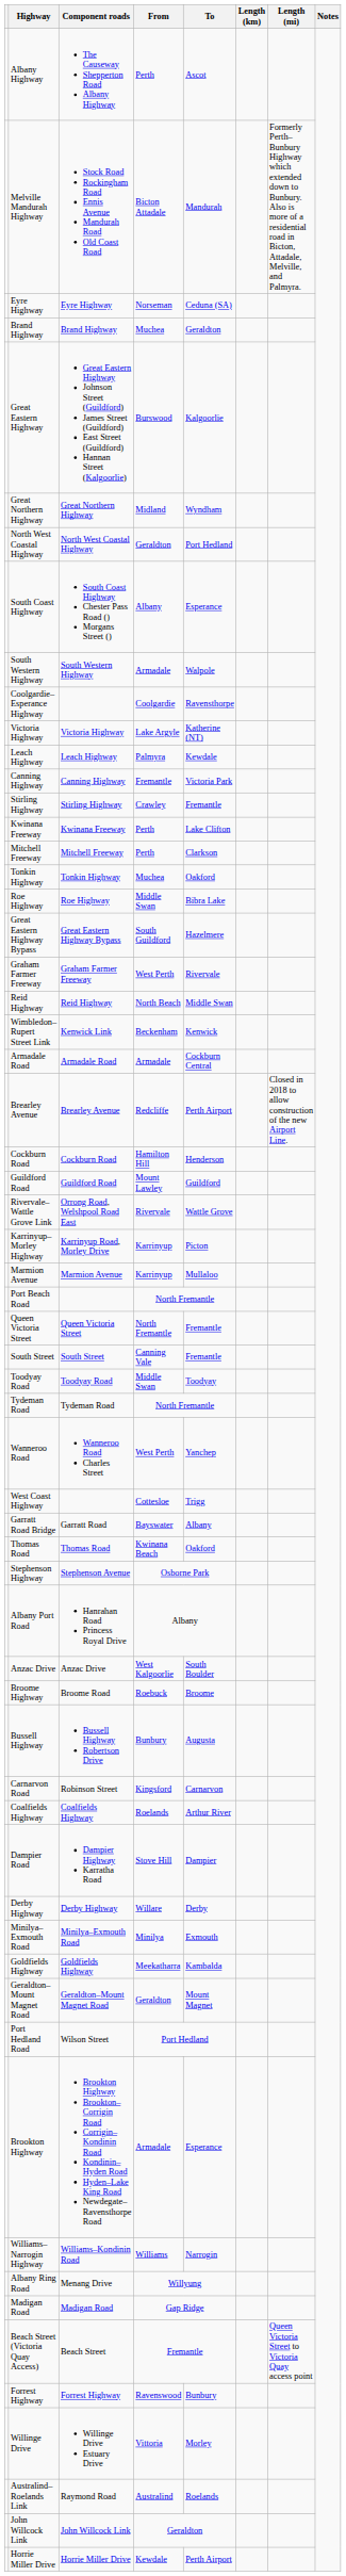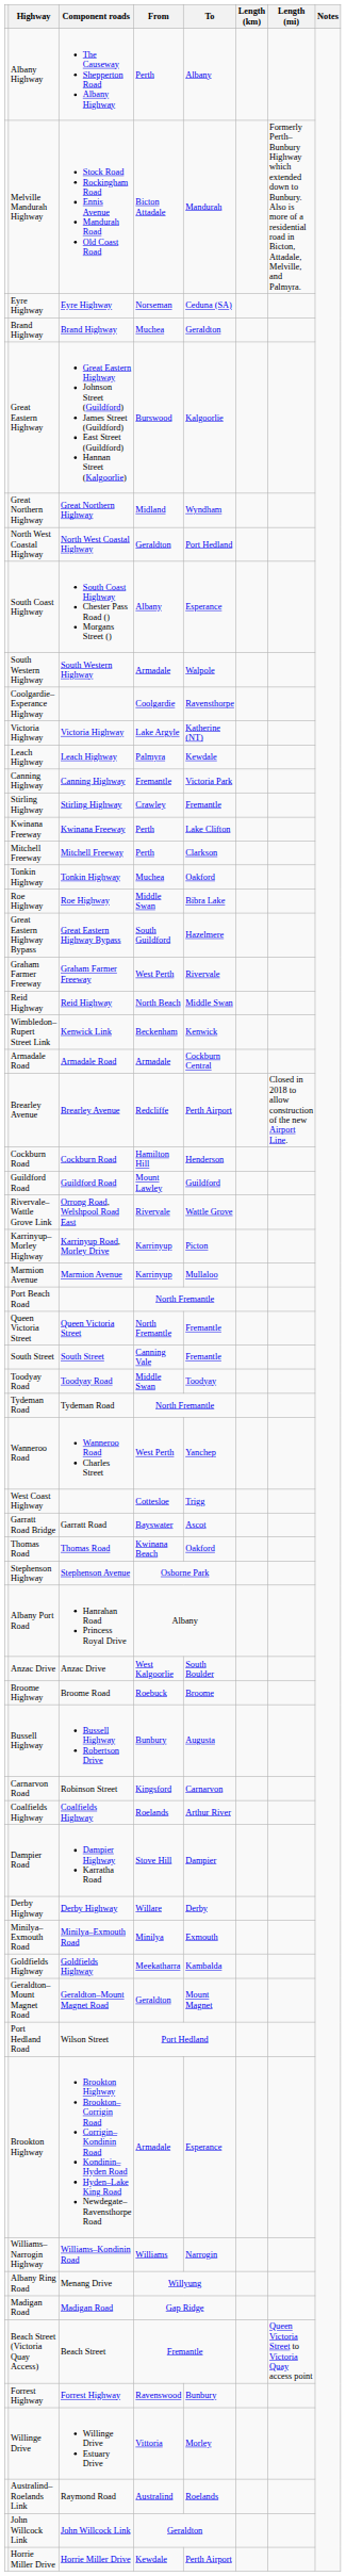 <table class="wikitable sortable">
 <tr>
 <th scope="col"></th>
 <th scope="col">Highway</th>
 <th scope="col" class="unsortable">Component roads</th>
 <th scope="col" class="unsortable">From</th>
 <th scope="col" class="unsortable">To</th>
 <th scope="col">Length<br>(km)</th>
 <th scope="col" class="unsortable">Length<br>(mi)</th>
 <th scope="col" class="unsortable">Notes</th>
 </tr>
 <tr>
 <td></td>
 <td>Albany Highway</td>
 <td><br><ul><li><a href='#'>The Causeway</a></li><li><a href='#'>Shepperton Road</a></li><li><a href='#'>Albany Highway</a></li></ul></td>
 <td><a href='#'>Perth</a></td>
-<td><a href='#'>Ascot</a></td>
+<td><a href='#'>Albany</a></td>
 <td></td>
 <td></td>
 </tr>
 <tr>
 <td></td>
 <td>Melville Mandurah Highway</td>
 <td><br><ul><li><a href='#'>Stock Road</a></li><li><a href='#'>Rockingham Road</a></li><li><a href='#'>Ennis Avenue</a></li><li><a href='#'>Mandurah Road</a></li><li><a href='#'>Old Coast Road</a></li></ul></td>
 <td><a href='#'>Bicton</a><br><a href='#'>Attadale</a></td>
 <td><a href='#'>Mandurah</a></td>
 <td></td>
 <td>Formerly Perth–Bunbury Highway which extended down to Bunbury. Also is more of a residential road in Bicton, Attadale, Melville, and Palmyra.</td>
 </tr>
 <tr>
 <td></td>
 <td>Eyre Highway</td>
 <td><a href='#'>Eyre Highway</a></td>
 <td><a href='#'>Norseman</a></td>
 <td><a href='#'>Ceduna (SA)</a></td>
 <td></td>
 <td></td>
 </tr>
 <tr>
 <td></td>
 <td>Brand Highway</td>
 <td><a href='#'>Brand Highway</a></td>
 <td><a href='#'>Muchea</a></td>
 <td><a href='#'>Geraldton</a></td>
 <td></td>
 <td></td>
 </tr>
 <tr>
 <td></td>
 <td>Great Eastern Highway</td>
 <td><br><ul><li><a href='#'>Great Eastern Highway</a></li><li>Johnson Street (<a href='#'>Guildford</a>)</li><li>James Street (Guildford)</li><li>East Street (Guildford)</li><li>Hannan Street (<a href='#'>Kalgoorlie</a>)</li></ul></td>
 <td><a href='#'>Burswood</a></td>
 <td><a href='#'>Kalgoorlie</a></td>
 <td></td>
 <td></td>
 </tr>
 <tr>
 <td></td>
 <td>Great Northern Highway</td>
 <td><a href='#'>Great Northern Highway</a></td>
 <td><a href='#'>Midland</a></td>
 <td><a href='#'>Wyndham</a></td>
 <td></td>
 <td></td>
 </tr>
 <tr>
 <td></td>
 <td>North West Coastal Highway</td>
 <td><a href='#'>North West Coastal Highway</a></td>
 <td><a href='#'>Geraldton</a></td>
 <td><a href='#'>Port Hedland</a></td>
 <td></td>
 <td></td>
 </tr>
 <tr>
 <td></td>
 <td>South Coast Highway</td>
 <td><br><ul><li><a href='#'>South Coast Highway</a></li><li>Chester Pass Road ()</li><li>Morgans Street ()</li></ul></td>
 <td><a href='#'>Albany</a></td>
 <td><a href='#'>Esperance</a></td>
 <td></td>
 <td></td>
 </tr>
 <tr>
 <td></td>
 <td>South Western Highway</td>
 <td><a href='#'>South Western Highway</a></td>
 <td><a href='#'>Armadale</a></td>
 <td><a href='#'>Walpole</a></td>
 <td></td>
 <td></td>
 </tr>
 <tr>
 <td></td>
 <td>Coolgardie–Esperance Highway</td>
 <td></td>
 <td><a href='#'>Coolgardie</a></td>
 <td><a href='#'>Ravensthorpe</a></td>
 <td></td>
 <td></td>
 </tr>
 <tr>
 <td></td>
 <td>Victoria Highway</td>
 <td><a href='#'>Victoria Highway</a></td>
 <td><a href='#'>Lake Argyle</a></td>
 <td><a href='#'>Katherine (NT)</a></td>
 <td></td>
 <td></td>
 </tr>
 <tr>
 <td></td>
 <td>Leach Highway</td>
 <td><a href='#'>Leach Highway</a></td>
 <td><a href='#'>Palmyra</a></td>
 <td><a href='#'>Kewdale</a></td>
 <td></td>
 <td></td>
 </tr>
 <tr>
 <td></td>
 <td>Canning Highway</td>
 <td><a href='#'>Canning Highway</a></td>
 <td><a href='#'>Fremantle</a></td>
 <td><a href='#'>Victoria Park</a></td>
 <td></td>
 <td></td>
 </tr>
 <tr>
 <td></td>
 <td>Stirling Highway</td>
 <td><a href='#'>Stirling Highway</a></td>
 <td><a href='#'>Crawley</a></td>
 <td><a href='#'>Fremantle</a></td>
 <td></td>
 <td></td>
 </tr>
 <tr>
 <td></td>
 <td>Kwinana Freeway</td>
 <td><a href='#'>Kwinana Freeway</a></td>
 <td><a href='#'>Perth</a></td>
 <td><a href='#'>Lake Clifton</a></td>
 <td></td>
 <td></td>
 </tr>
 <tr>
 <td></td>
 <td>Mitchell Freeway</td>
 <td><a href='#'>Mitchell Freeway</a></td>
 <td><a href='#'>Perth</a></td>
 <td><a href='#'>Clarkson</a></td>
 <td></td>
 <td></td>
 </tr>
 <tr>
 <td></td>
 <td>Tonkin Highway</td>
 <td><a href='#'>Tonkin Highway</a></td>
 <td><a href='#'>Muchea</a></td>
 <td><a href='#'>Oakford</a></td>
 <td></td>
 <td></td>
 </tr>
 <tr>
 <td></td>
 <td>Roe Highway</td>
 <td><a href='#'>Roe Highway</a></td>
 <td><a href='#'>Middle Swan</a></td>
 <td><a href='#'>Bibra Lake</a></td>
 <td></td>
 <td></td>
 </tr>
 <tr>
 <td></td>
 <td>Great Eastern Highway Bypass</td>
 <td><a href='#'>Great Eastern Highway Bypass</a></td>
 <td><a href='#'>South Guildford</a></td>
 <td><a href='#'>Hazelmere</a></td>
 <td></td>
 <td></td>
 </tr>
 <tr>
 <td></td>
 <td>Graham Farmer Freeway</td>
 <td><a href='#'>Graham Farmer Freeway</a></td>
 <td><a href='#'>West Perth</a></td>
 <td><a href='#'>Rivervale</a></td>
 <td></td>
 <td></td>
 </tr>
 <tr>
 <td></td>
 <td>Reid Highway</td>
 <td><a href='#'>Reid Highway</a></td>
 <td><a href='#'>North Beach</a></td>
 <td><a href='#'>Middle Swan</a></td>
 <td></td>
 <td></td>
 </tr>
 <tr>
 <td></td>
 <td>Wimbledon–Rupert Street Link</td>
 <td><a href='#'>Kenwick Link</a></td>
 <td><a href='#'>Beckenham</a></td>
 <td><a href='#'>Kenwick</a></td>
 <td></td>
 <td></td>
 </tr>
 <tr>
 <td></td>
 <td>Armadale Road</td>
 <td><a href='#'>Armadale Road</a></td>
 <td><a href='#'>Armadale</a></td>
 <td><a href='#'>Cockburn Central</a></td>
 <td></td>
 <td></td>
 </tr>
 <tr>
 <td></td>
 <td>Brearley Avenue</td>
 <td><a href='#'>Brearley Avenue</a></td>
 <td><a href='#'>Redcliffe</a></td>
 <td><a href='#'>Perth Airport</a></td>
 <td></td>
 <td>Closed in 2018 to allow construction of the new <a href='#'>Airport Line</a>.</td>
 </tr>
 <tr>
 <td></td>
 <td>Cockburn Road</td>
 <td><a href='#'>Cockburn Road</a></td>
 <td><a href='#'>Hamilton Hill</a></td>
 <td><a href='#'>Henderson</a></td>
 <td></td>
 <td></td>
 </tr>
 <tr>
 <td></td>
 <td>Guildford Road</td>
 <td><a href='#'>Guildford Road</a></td>
 <td><a href='#'>Mount Lawley</a></td>
 <td><a href='#'>Guildford</a></td>
 <td></td>
 <td></td>
 </tr>
 <tr>
 <td></td>
 <td>Rivervale–Wattle Grove Link</td>
 <td><a href='#'>Orrong Road</a>, <a href='#'>Welshpool Road East</a></td>
 <td><a href='#'>Rivervale</a></td>
 <td><a href='#'>Wattle Grove</a></td>
 <td></td>
 <td></td>
 </tr>
 <tr>
 <td></td>
 <td>Karrinyup–Morley Highway</td>
 <td><a href='#'>Karrinyup Road</a>, <a href='#'>Morley Drive</a></td>
 <td><a href='#'>Karrinyup</a></td>
 <td><a href='#'>Picton</a></td>
 <td></td>
 <td></td>
 </tr>
 <tr>
 <td></td>
 <td>Marmion Avenue</td>
 <td><a href='#'>Marmion Avenue</a></td>
 <td><a href='#'>Karrinyup</a></td>
 <td><a href='#'>Mullaloo</a></td>
 <td></td>
 <td></td>
 </tr>
 <tr>
 <td></td>
 <td>Port Beach Road</td>
 <td></td>
 <td colspan="2" style="text-align:center"><a href='#'>North Fremantle</a></td>
 <td></td>
 <td></td>
 </tr>
 <tr>
 <td></td>
 <td>Queen Victoria Street</td>
 <td><a href='#'>Queen Victoria Street</a></td>
 <td><a href='#'>North Fremantle</a></td>
 <td><a href='#'>Fremantle</a></td>
 <td></td>
 <td></td>
 </tr>
 <tr>
 <td></td>
 <td>South Street</td>
 <td><a href='#'>South Street</a></td>
 <td><a href='#'>Canning Vale</a></td>
 <td><a href='#'>Fremantle</a></td>
 <td></td>
 <td></td>
 </tr>
 <tr>
 <td></td>
 <td>Toodyay Road</td>
 <td><a href='#'>Toodyay Road</a></td>
 <td><a href='#'>Middle Swan</a></td>
 <td><a href='#'>Toodyay</a></td>
 <td></td>
 <td></td>
 </tr>
 <tr>
 <td></td>
 <td>Tydeman Road</td>
 <td>Tydeman Road</td>
 <td colspan="2" style="text-align:center"><a href='#'>North Fremantle</a></td>
 <td></td>
 <td></td>
 </tr>
 <tr>
 <td></td>
 <td>Wanneroo Road</td>
 <td><br><ul><li><a href='#'>Wanneroo Road</a></li><li>Charles Street</li></ul></td>
 <td><a href='#'>West Perth</a></td>
 <td><a href='#'>Yanchep</a></td>
 <td></td>
 <td></td>
 </tr>
 <tr>
 <td></td>
 <td>West Coast Highway</td>
 <td></td>
 <td><a href='#'>Cottesloe</a></td>
 <td><a href='#'>Trigg</a></td>
 <td></td>
 <td></td>
 </tr>
 <tr>
 <td></td>
 <td>Garratt Road Bridge</td>
 <td>Garratt Road</td>
 <td><a href='#'>Bayswater</a></td>
-<td><a href='#'>Albany</a></td>
+<td><a href='#'>Ascot</a></td>
 <td></td>
 <td></td>
 </tr>
 <tr>
 <td></td>
 <td>Thomas Road</td>
 <td><a href='#'>Thomas Road</a></td>
 <td><a href='#'>Kwinana Beach</a></td>
 <td><a href='#'>Oakford</a></td>
 <td></td>
 <td></td>
 </tr>
 <tr>
 <td></td>
 <td>Stephenson Highway</td>
 <td><a href='#'>Stephenson Avenue</a></td>
 <td colspan="2" style="text-align:center"><a href='#'>Osborne Park</a></td>
 <td></td>
 <td></td>
 </tr>
 <tr>
 <td></td>
 <td>Albany Port Road</td>
 <td><br><ul><li>Hanrahan Road</li><li>Princess Royal Drive</li></ul></td>
 <td colspan="2" style="text-align:center">Albany</td>
 <td></td>
 <td></td>
 </tr>
 <tr>
 <td></td>
 <td>Anzac Drive</td>
 <td>Anzac Drive</td>
 <td><a href='#'>West Kalgoorlie</a></td>
 <td><a href='#'>South Boulder</a></td>
 <td></td>
 <td></td>
 </tr>
 <tr>
 <td></td>
 <td>Broome Highway</td>
 <td>Broome Road</td>
 <td><a href='#'>Roebuck</a></td>
 <td><a href='#'>Broome</a></td>
 <td></td>
 <td></td>
 </tr>
 <tr>
 <td></td>
 <td>Bussell Highway</td>
 <td><br><ul><li><a href='#'>Bussell Highway</a></li><li><a href='#'>Robertson Drive</a></li></ul></td>
 <td><a href='#'>Bunbury</a></td>
 <td><a href='#'>Augusta</a></td>
 <td></td>
 <td></td>
 </tr>
 <tr>
 <td></td>
 <td>Carnarvon Road</td>
 <td>Robinson Street</td>
 <td><a href='#'>Kingsford</a></td>
 <td><a href='#'>Carnarvon</a></td>
 <td></td>
 <td></td>
 </tr>
 <tr>
 <td></td>
 <td>Coalfields Highway</td>
 <td><a href='#'>Coalfields Highway</a></td>
 <td><a href='#'>Roelands</a></td>
 <td><a href='#'>Arthur River</a></td>
 <td></td>
 <td></td>
 </tr>
 <tr>
 <td></td>
 <td>Dampier Road</td>
 <td><br><ul><li><a href='#'>Dampier Highway</a></li><li>Karratha Road</li></ul></td>
 <td><a href='#'>Stove Hill</a></td>
 <td><a href='#'>Dampier</a></td>
 <td></td>
 <td></td>
 </tr>
 <tr>
 <td></td>
 <td>Derby Highway</td>
 <td><a href='#'>Derby Highway</a></td>
 <td><a href='#'>Willare</a></td>
 <td><a href='#'>Derby</a></td>
 <td></td>
 <td></td>
 </tr>
 <tr>
 <td></td>
 <td>Minilya–Exmouth Road</td>
 <td><a href='#'>Minilya–Exmouth Road</a></td>
 <td><a href='#'>Minilya</a></td>
 <td><a href='#'>Exmouth</a></td>
 <td></td>
 <td></td>
 </tr>
 <tr>
 <td></td>
 <td>Goldfields Highway</td>
 <td><a href='#'>Goldfields Highway</a></td>
 <td><a href='#'>Meekatharra</a></td>
 <td><a href='#'>Kambalda</a></td>
 <td></td>
 <td></td>
 </tr>
 <tr>
 <td></td>
 <td>Geraldton–Mount Magnet Road</td>
 <td><a href='#'>Geraldton–Mount Magnet Road</a></td>
 <td><a href='#'>Geraldton</a></td>
 <td><a href='#'>Mount Magnet</a></td>
 <td></td>
 <td></td>
 </tr>
 <tr>
 <td></td>
 <td>Port Hedland Road</td>
 <td>Wilson Street</td>
 <td colspan="2" style="text-align:center"><a href='#'>Port Hedland</a></td>
 <td></td>
 <td></td>
 </tr>
 <tr>
 <td></td>
 <td>Brookton Highway</td>
 <td><br><ul><li><a href='#'>Brookton Highway</a></li><li><a href='#'>Brookton–Corrigin Road</a></li><li><a href='#'>Corrigin–Kondinin Road</a></li><li><a href='#'>Kondinin–Hyden Road</a></li><li><a href='#'>Hyden–Lake King Road</a></li><li>Newdegate–Ravensthorpe Road</li></ul></td>
 <td><a href='#'>Armadale</a></td>
 <td><a href='#'>Esperance</a></td>
 <td></td>
 <td></td>
 </tr>
 <tr>
 <td></td>
 <td>Williams–Narrogin Highway</td>
 <td><a href='#'>Williams–Kondinin Road</a></td>
 <td><a href='#'>Williams</a></td>
 <td><a href='#'>Narrogin</a></td>
 <td></td>
 <td></td>
 </tr>
 <tr>
 <td></td>
 <td>Albany Ring Road</td>
 <td>Menang Drive</td>
 <td colspan="2" style="text-align:center"><a href='#'>Willyung</a></td>
 <td></td>
 <td></td>
 </tr>
 <tr>
 <td></td>
 <td>Madigan Road</td>
 <td><a href='#'>Madigan Road</a></td>
 <td colspan="2" style="text-align:center"><a href='#'>Gap Ridge</a></td>
 <td></td>
 <td></td>
 </tr>
 <tr>
 <td></td>
 <td>Beach Street (Victoria Quay Access)</td>
 <td>Beach Street</td>
 <td colspan="2" style="text-align:center"><a href='#'>Fremantle</a></td>
 <td></td>
 <td><a href='#'>Queen Victoria Street</a> to <a href='#'>Victoria Quay</a> access point</td>
 </tr>
 <tr>
 <td></td>
 <td>Forrest Highway</td>
 <td><a href='#'>Forrest Highway</a></td>
 <td><a href='#'>Ravenswood</a></td>
 <td><a href='#'>Bunbury</a></td>
 <td></td>
 <td></td>
 </tr>
 <tr>
 <td></td>
 <td>Willinge Drive</td>
 <td><br><ul><li>Willinge Drive</li><li>Estuary Drive</li></ul></td>
 <td><a href='#'>Vittoria</a></td>
 <td><a href='#'>Morley</a></td>
 <td></td>
 <td></td>
 </tr>
 <tr>
 <td></td>
 <td>Australind–Roelands Link</td>
 <td>Raymond Road</td>
 <td><a href='#'>Australind</a></td>
 <td><a href='#'>Roelands</a></td>
 <td></td>
 <td></td>
 </tr>
 <tr>
 <td></td>
 <td>John Willcock Link</td>
 <td><a href='#'>John Willcock Link</a></td>
 <td colspan="2" style="text-align:center"><a href='#'>Geraldton</a></td>
 <td></td>
 <td></td>
 </tr>
 <tr>
 <td></td>
 <td>Horrie Miller Drive</td>
 <td><a href='#'>Horrie Miller Drive</a></td>
 <td><a href='#'>Kewdale</a></td>
 <td><a href='#'>Perth Airport</a></td>
 <td></td>
 <td></td>
 </tr>
 </table>
